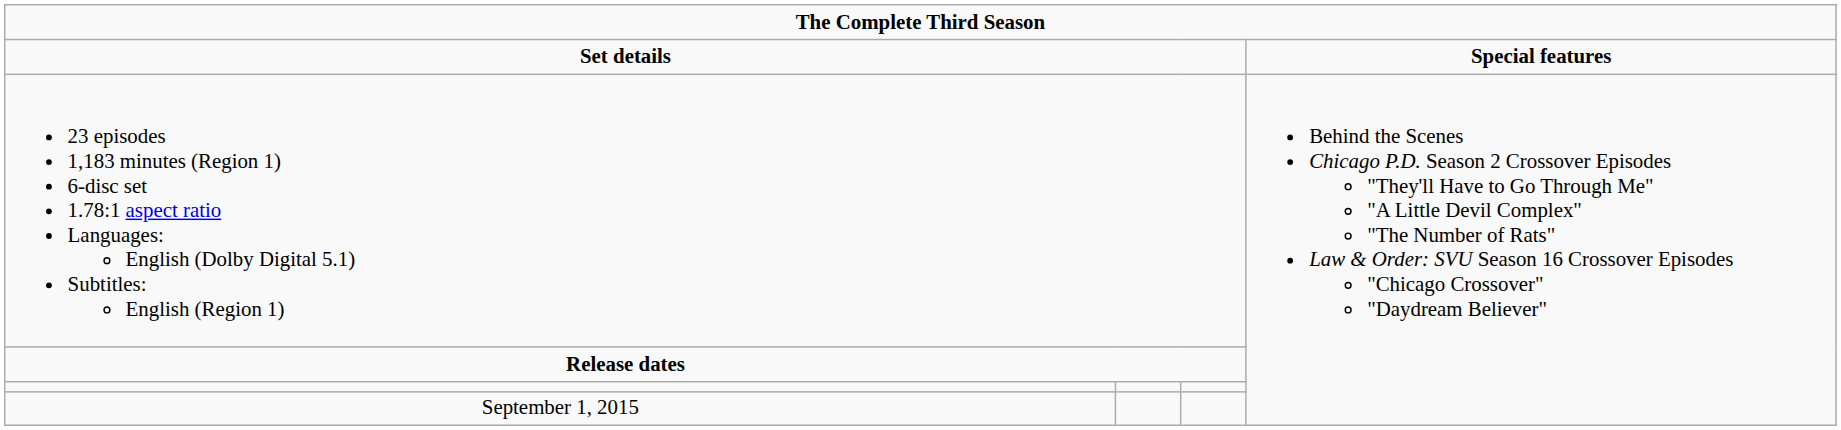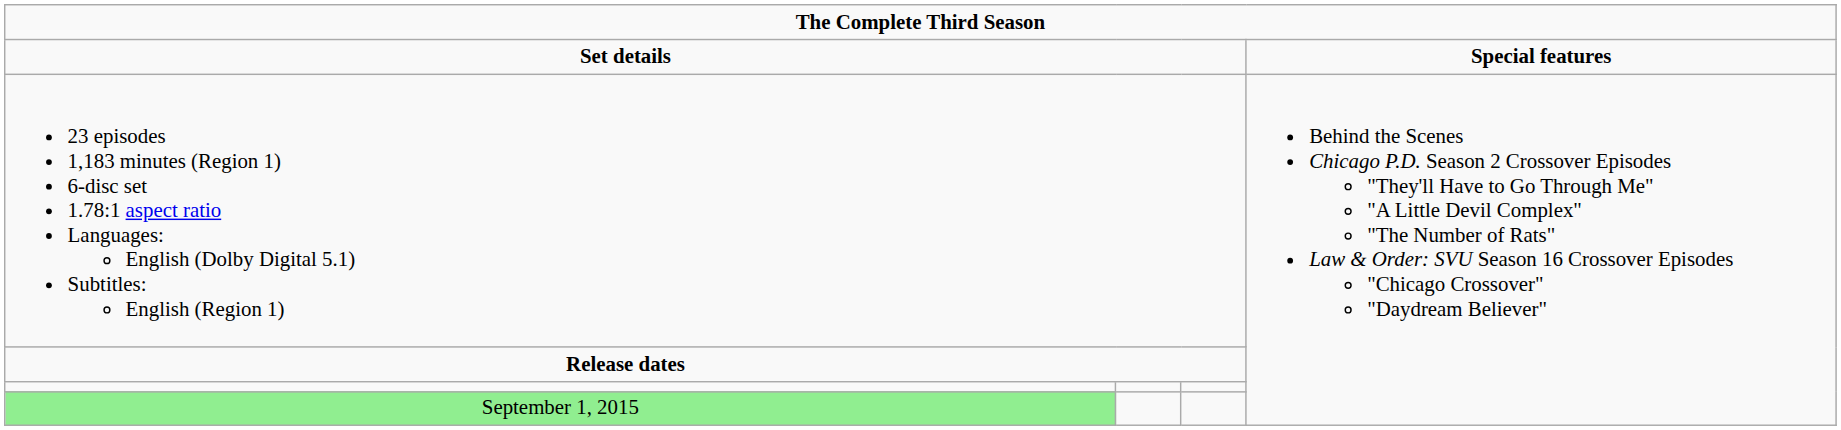 <table class="wikitable plainrowheaders" style="font-size:90%; text-align:center; width: 100%; margin-left: auto; margin-right: auto;">
 <tr>
 <td colspan="6"><strong>The Complete Third Season</strong></td>
 </tr>
 <tr>
 <td align="center" width="300" colspan="3"><strong>Set details</strong></td>
 <td width="400" align="center"><strong>Special features</strong></td>
 </tr>
 <tr valign="top">
 <td colspan="3" align="left" width="300"><br><ul><li>23 episodes</li><li>1,183 minutes (Region 1)</li><li>6-disc set</li><li>1.78:1 <a href='#'>aspect ratio</a></li><li>Languages:<ul><li>English (Dolby Digital 5.1)</li></ul></li><li>Subtitles:<ul><li>English (Region 1)</li></ul></li></ul></td>
 <td rowspan="4" align="left" width="400"><br><ul><li>Behind the Scenes</li><li><em>Chicago P.D.</em> Season 2 Crossover Episodes<ul><li>"They'll Have to Go Through Me"</li><li>"A Little Devil Complex"</li><li>"The Number of Rats"</li></ul></li><li><em>Law & Order: SVU</em> Season 16 Crossover Episodes<ul><li>"Chicago Crossover"</li><li>"Daydream Believer"</li></ul></li></ul></td>
 </tr>
 <tr>
 <td colspan="3" align="center"><strong>Release dates</strong></td>
 </tr>
 <tr>
 <td align="center"></td>
 <td align="center"></td>
 <td align="center"></td>
 </tr>
 <tr>
-<td align="center">September 1, 2015</td>
+<td align="center" style="background: lightgreen;">September 1, 2015</td>
 <td align="center"></td>
 <td align="center"></td>
 </tr>
 </table>
